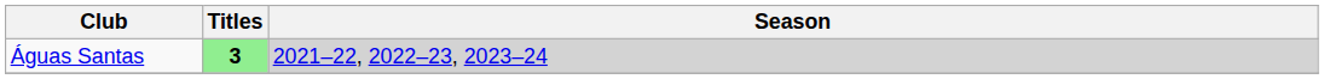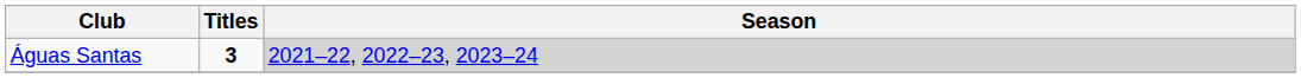 <table class="wikitable sortable">
 <tr>
 <th width="15%">Club</th>
 <th width="5%">Titles</th>
 <th width="80%">Season</th>
 </tr>
 <tr>
 <td><a href='#'>Águas Santas</a></td>
-<td align=center style="background: lightgreen;"><strong>3</strong></td>
+<td align=center><strong>3</strong></td>
 <td style="background: lightgrey;"><a href='#'>2021–22</a>, <a href='#'>2022–23</a>, <a href='#'>2023–24</a></td>
 </tr>
 <tr>
 </tr>
 </table>
